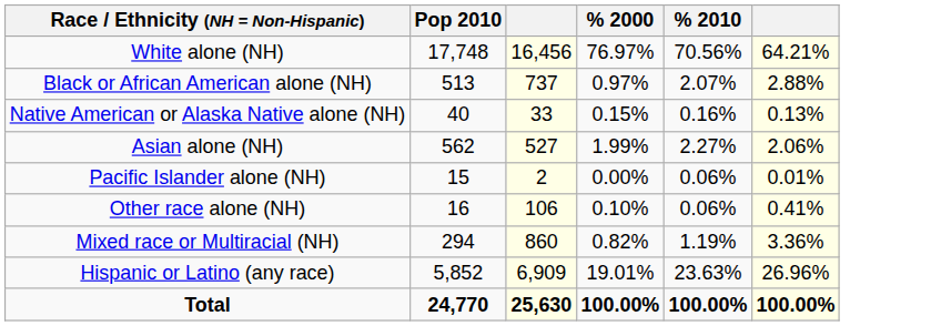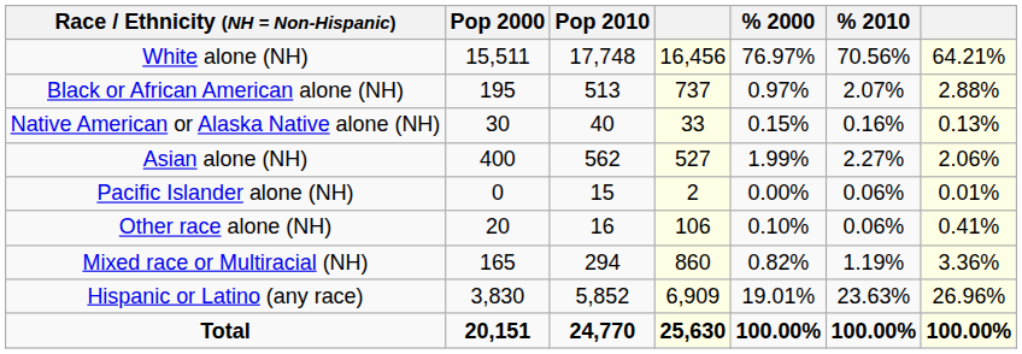 <table class="wikitable" style="text-align:center;">
 <tr>
 <th>Race / Ethnicity <small>(<em>NH = Non-Hispanic</em>)</small></th>
+<th>Pop 2000</th>
 <th>Pop 2010</th>
 <th></th>
 <th>% 2000</th>
 <th>% 2010</th>
 <th></th>
 </tr>
 <tr>
 <td><a href='#'>White</a> alone (NH)</td>
+<td>15,511</td>
 <td>17,748</td>
 <td style='background: #ffffe6;'>16,456</td>
 <td>76.97%</td>
 <td>70.56%</td>
 <td style='background: #ffffe6;'>64.21%</td>
 </tr>
 <tr>
 <td><a href='#'>Black or African American</a> alone (NH)</td>
+<td>195</td>
 <td>513</td>
 <td style='background: #ffffe6;'>737</td>
 <td>0.97%</td>
 <td>2.07%</td>
 <td style='background: #ffffe6;'>2.88%</td>
 </tr>
 <tr>
 <td><a href='#'>Native American</a> or <a href='#'>Alaska Native</a> alone (NH)</td>
+<td>30</td>
 <td>40</td>
 <td style='background: #ffffe6;'>33</td>
 <td>0.15%</td>
 <td>0.16%</td>
 <td style='background: #ffffe6;'>0.13%</td>
 </tr>
 <tr>
 <td><a href='#'>Asian</a> alone (NH)</td>
+<td>400</td>
 <td>562</td>
 <td style='background: #ffffe6;'>527</td>
 <td>1.99%</td>
 <td>2.27%</td>
 <td style='background: #ffffe6;'>2.06%</td>
 </tr>
 <tr>
 <td><a href='#'>Pacific Islander</a> alone (NH)</td>
+<td>0</td>
 <td>15</td>
 <td style='background: #ffffe6;'>2</td>
 <td>0.00%</td>
 <td>0.06%</td>
 <td style='background: #ffffe6;'>0.01%</td>
 </tr>
 <tr>
 <td><a href='#'>Other race</a> alone (NH)</td>
+<td>20</td>
 <td>16</td>
 <td style='background: #ffffe6;'>106</td>
 <td>0.10%</td>
 <td>0.06%</td>
 <td style='background: #ffffe6;'>0.41%</td>
 </tr>
 <tr>
 <td><a href='#'>Mixed race or Multiracial</a> (NH)</td>
+<td>165</td>
 <td>294</td>
 <td style='background: #ffffe6;'>860</td>
 <td>0.82%</td>
 <td>1.19%</td>
 <td style='background: #ffffe6;'>3.36%</td>
 </tr>
 <tr>
 <td><a href='#'>Hispanic or Latino</a> (any race)</td>
+<td>3,830</td>
 <td>5,852</td>
 <td style='background: #ffffe6;'>6,909</td>
 <td>19.01%</td>
 <td>23.63%</td>
 <td style='background: #ffffe6;'>26.96%</td>
 </tr>
 <tr>
 <td><strong>Total</strong></td>
+<td><strong>20,151</strong></td>
 <td><strong>24,770</strong></td>
 <td style='background: #ffffe6;'><strong>25,630</strong></td>
 <td><strong>100.00%</strong></td>
 <td><strong>100.00%</strong></td>
 <td style='background: #ffffe6;'><strong>100.00%</strong></td>
 </tr>
 </table>
